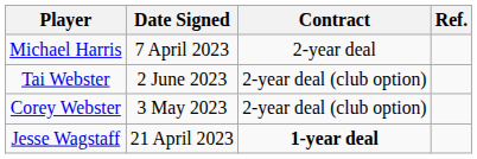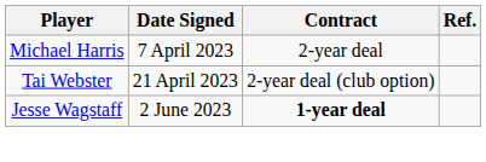 <table class="wikitable sortable sortable" style="text-align: center">
 <tr>
 <th>Player</th>
 <th>Date Signed</th>
 <th>Contract</th>
 <th>Ref.</th>
 </tr>
 <tr>
 <td><a href='#'>Michael Harris</a></td>
 <td>7 April 2023</td>
 <td>2-year deal</td>
 <td></td>
 </tr>
 <tr>
 <td><a href='#'>Tai Webster</a></td>
-<td>2 June 2023</td>
-<td>2-year deal (club option)</td>
-<td></td>
-</tr>
-<tr>
-<td><a href='#'>Corey Webster</a></td>
-<td>3 May 2023</td>
+<td>21 April 2023</td>
 <td>2-year deal (club option)</td>
 <td></td>
 </tr>
 <tr>
 <td><a href='#'>Jesse Wagstaff</a></td>
-<td>21 April 2023</td>
+<td>2 June 2023</td>
 <td><strong>1-year deal</strong></td>
 <td></td>
 </tr>
 </table>
